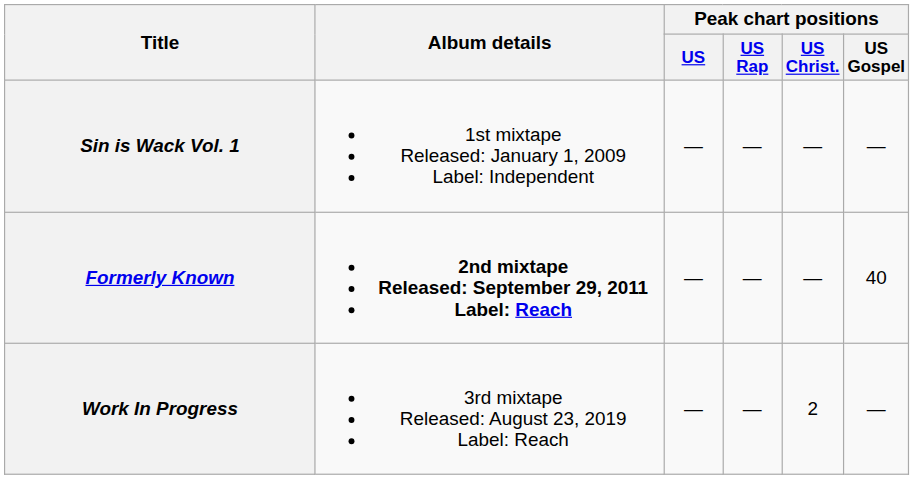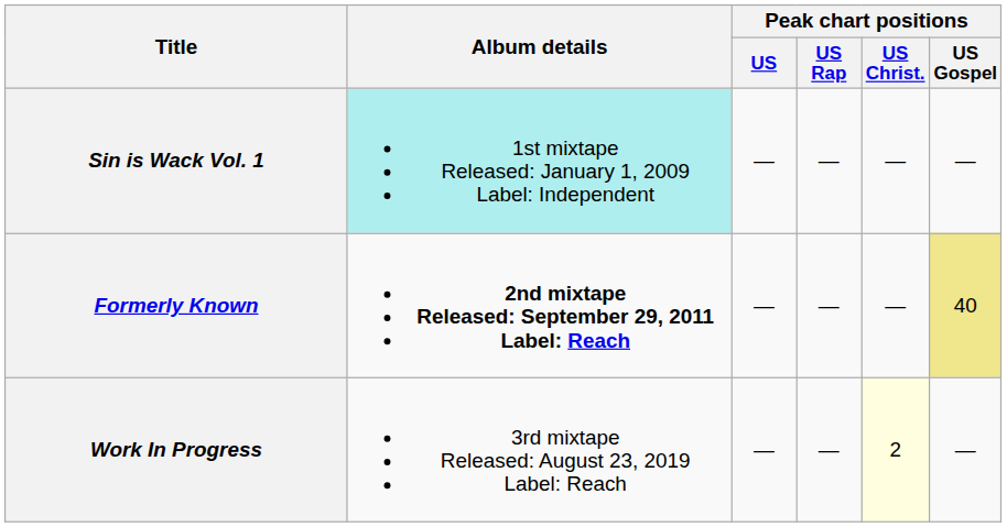 <table class="wikitable plainrowheaders" style="text-align:center;">
 <tr>
 <th scope="col" rowspan="2" style="width:16em;">Title</th>
 <th scope="col" rowspan="2" style="width:18em;">Album details</th>
 <th scope="col" colspan="4">Peak chart positions</th>
 </tr>
 <tr>
 <th scope="col" style="width:3em;font-size:90%;"><a href='#'>US</a><br></th>
 <th scope="col" style="width:3em;font-size:90%;"><a href='#'>US<br>Rap</a><br></th>
 <th scope="col" style="width:3em;font-size:90%;"><a href='#'>US<br>Christ.</a><br></th>
 <th scope="col" style="width:3em;font-size:90%;">US Gospel<br></th>
 </tr>
 <tr>
 <th scope="row"><em>Sin is Wack Vol. 1</em></th>
-<td><br><ul><li>1st mixtape</li><li>Released: January 1, 2009</li><li>Label: Independent</li></ul></td>
+<td style="background: paleturquoise;"><br><ul><li>1st mixtape</li><li>Released: January 1, 2009</li><li>Label: Independent</li></ul></td>
 <td>—</td>
 <td>—</td>
 <td>—</td>
 <td>—</td>
 </tr>
 <tr>
 <th scope="row"><em><a href='#'>Formerly Known</a></em></th>
 <td><strong><br><ul><li>2nd mixtape</li><li>Released: September 29, 2011</li><li>Label: <a href='#'>Reach</a></li></ul></strong></td>
 <td>—</td>
 <td>—</td>
 <td>—</td>
-<td>40</td>
+<td style="background: khaki;">40</td>
 </tr>
 <tr>
 <th scope="row"><em>Work In Progress</em></th>
 <td><br><ul><li>3rd mixtape</li><li>Released: August 23, 2019</li><li>Label: Reach</li></ul></td>
 <td>—</td>
 <td>—</td>
-<td>2</td>
+<td style="background: lightyellow;">2</td>
 <td>—</td>
 </tr>
 </table>
